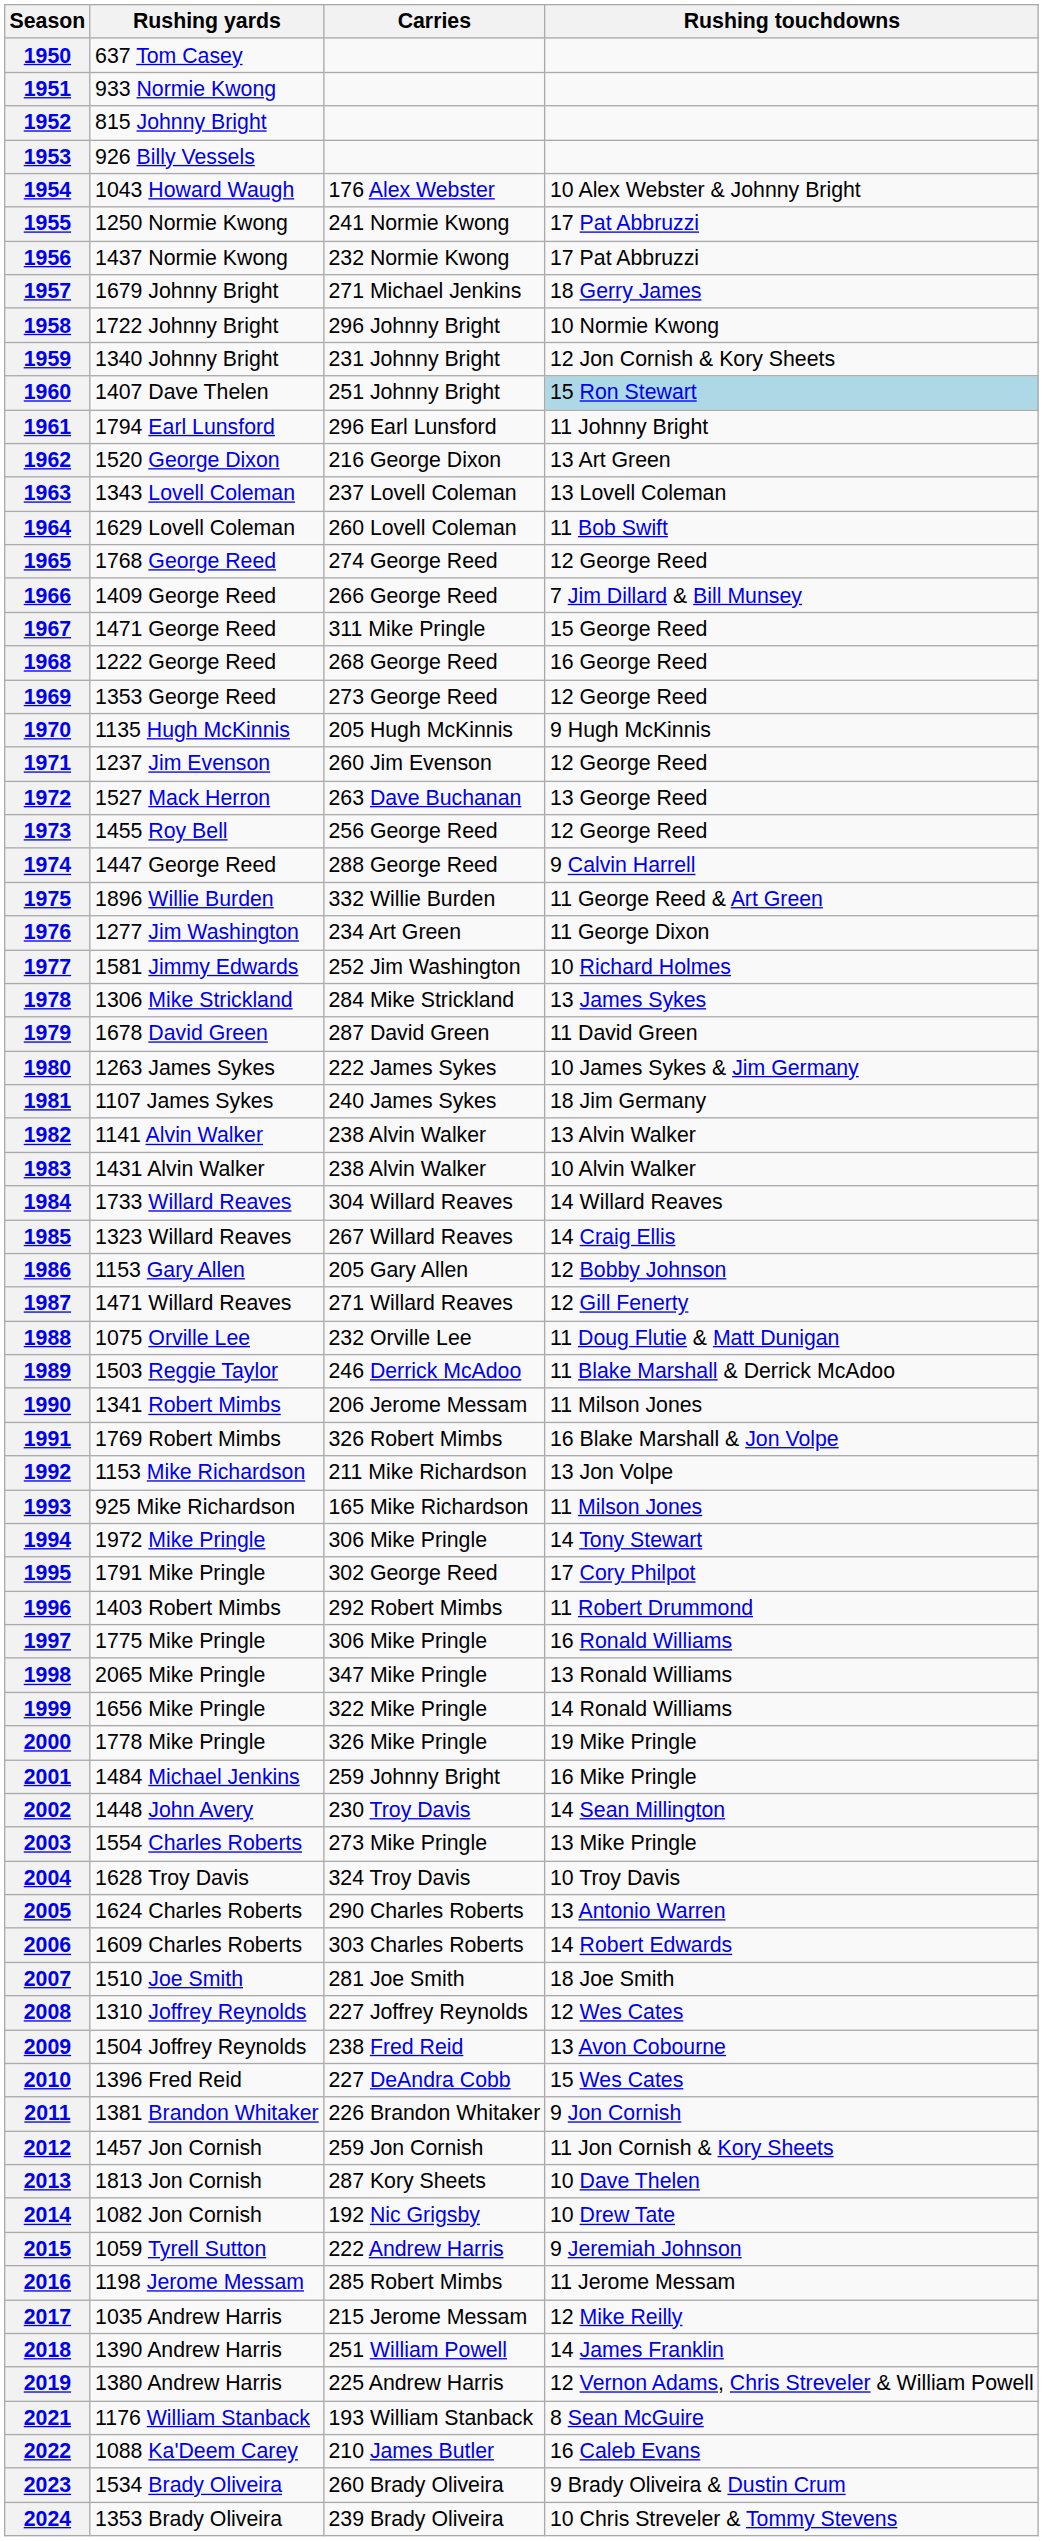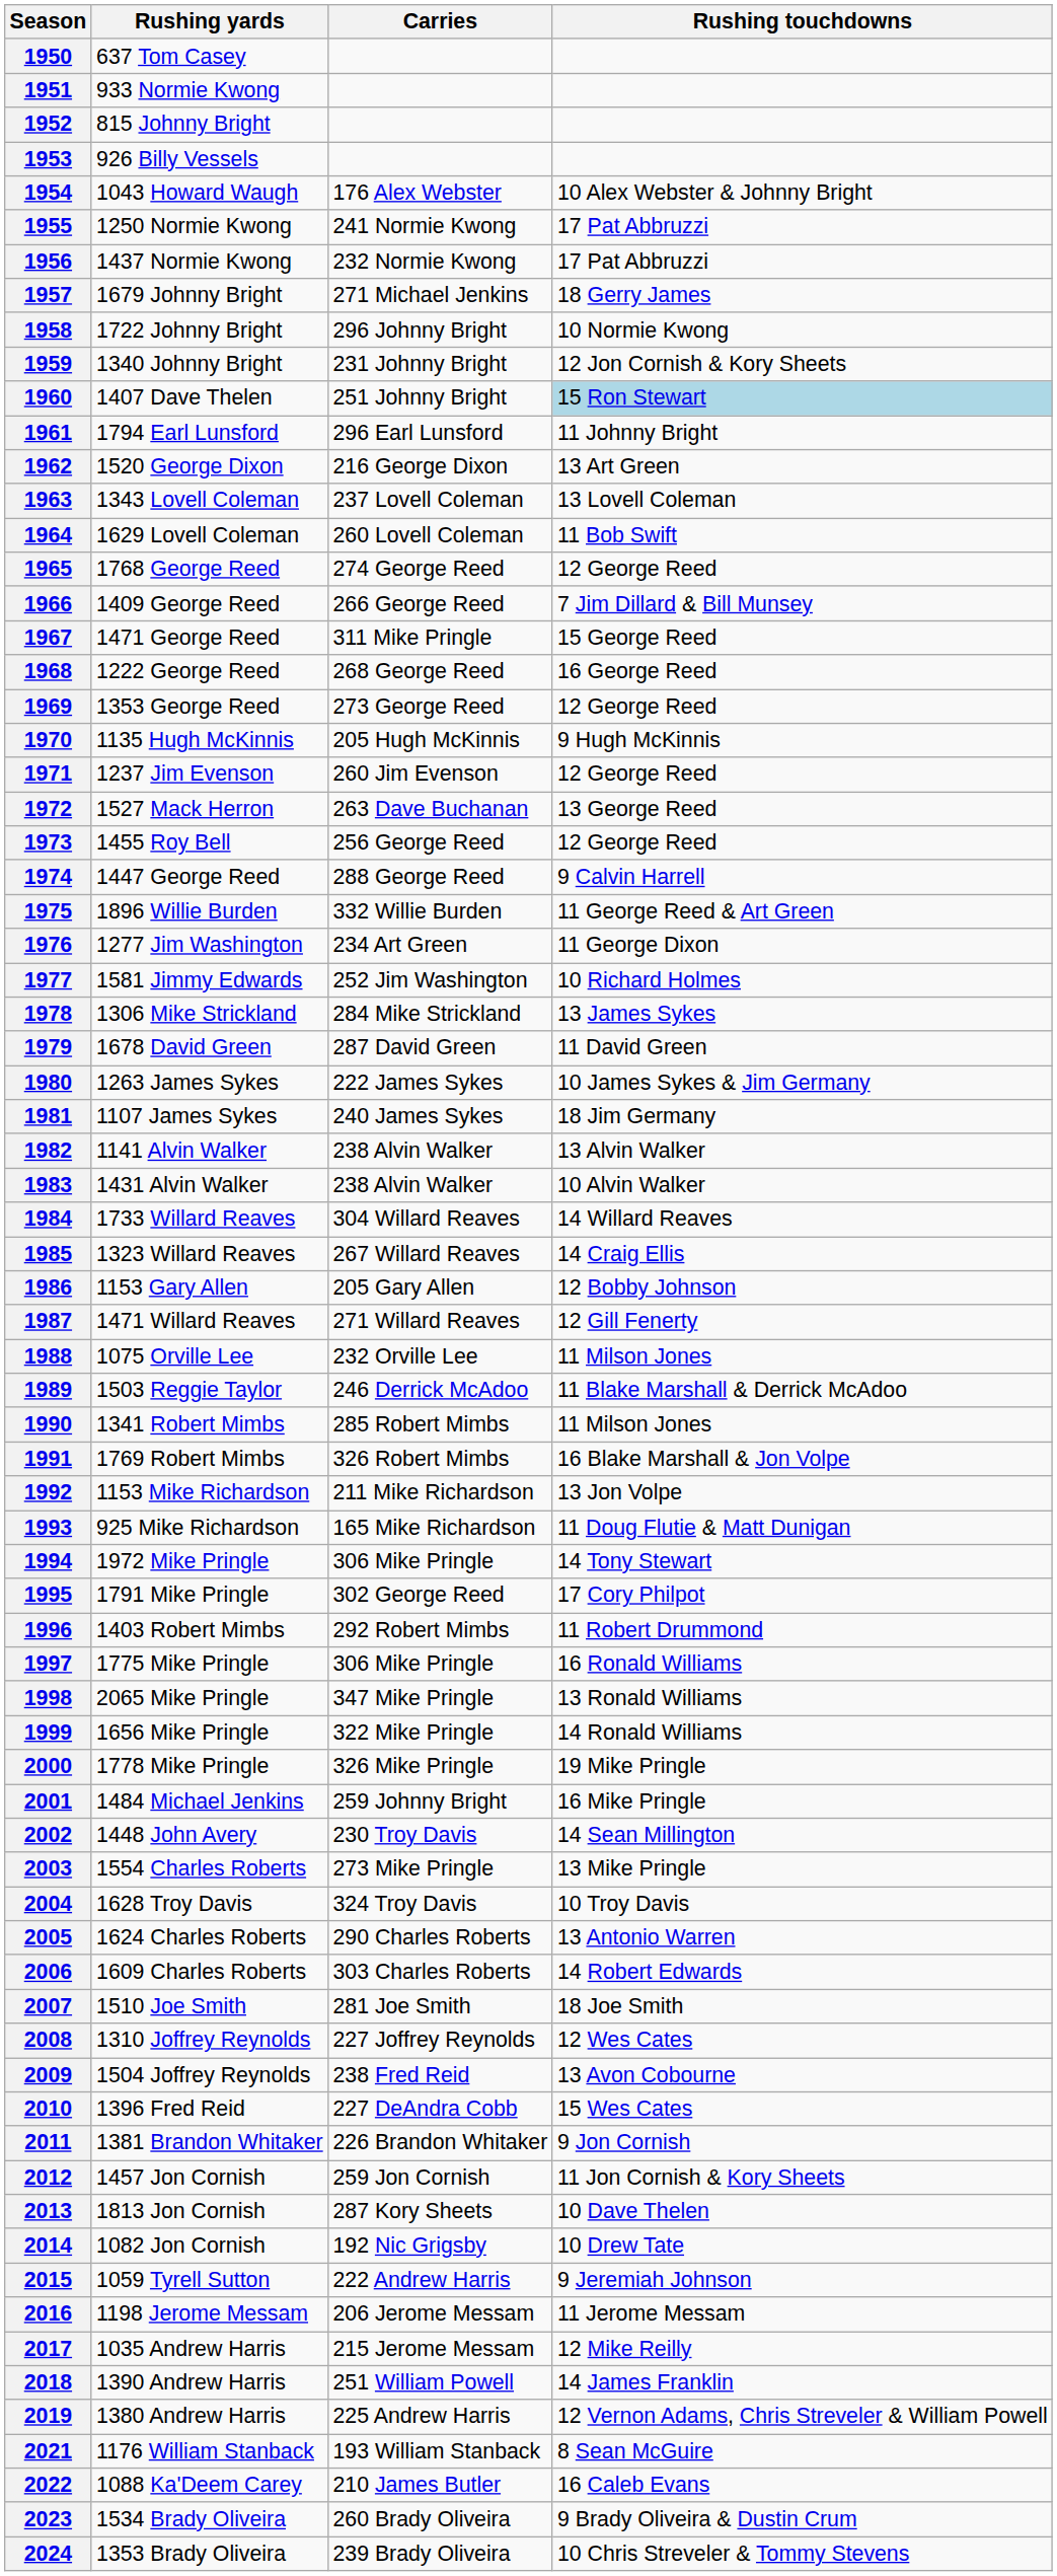 <table class="wikitable">
 <tr>
 <th>Season</th>
 <th>Rushing yards</th>
 <th>Carries</th>
 <th>Rushing touchdowns</th>
 </tr>
 <tr>
 <th><a href='#'>1950</a></th>
 <td>637 <a href='#'>Tom Casey</a></td>
 <td></td>
 <td></td>
 </tr>
 <tr>
 <th><a href='#'>1951</a></th>
 <td>933 <a href='#'>Normie Kwong</a></td>
 <td></td>
 <td></td>
 </tr>
 <tr>
 <th><a href='#'>1952</a></th>
 <td>815 <a href='#'>Johnny Bright</a></td>
 <td></td>
 <td></td>
 </tr>
 <tr>
 <th><a href='#'>1953</a></th>
 <td>926 <a href='#'>Billy Vessels</a></td>
 <td></td>
 <td></td>
 </tr>
 <tr>
 <th><a href='#'>1954</a></th>
 <td>1043 <a href='#'>Howard Waugh</a></td>
 <td>176 <a href='#'> Alex Webster</a></td>
 <td>10 Alex Webster & Johnny Bright</td>
 </tr>
 <tr>
 <th><a href='#'>1955</a></th>
 <td>1250 Normie Kwong</td>
 <td>241 Normie Kwong</td>
 <td>17 <a href='#'>Pat Abbruzzi</a></td>
 </tr>
 <tr>
 <th><a href='#'>1956</a></th>
 <td>1437 Normie Kwong</td>
 <td>232 Normie Kwong</td>
 <td>17 Pat Abbruzzi</td>
 </tr>
 <tr>
 <th><a href='#'>1957</a></th>
 <td>1679 Johnny Bright</td>
 <td>271 Michael Jenkins</td>
 <td>18 <a href='#'>Gerry James</a></td>
 </tr>
 <tr>
 <th><a href='#'>1958</a></th>
 <td>1722 Johnny Bright</td>
 <td>296 Johnny Bright</td>
 <td>10 Normie Kwong</td>
 </tr>
 <tr>
 <th><a href='#'>1959</a></th>
 <td>1340 Johnny Bright</td>
 <td>231 Johnny Bright</td>
 <td>12 Jon Cornish & Kory Sheets</td>
 </tr>
 <tr>
 <th><a href='#'>1960</a></th>
 <td>1407 Dave Thelen</td>
 <td>251 Johnny Bright</td>
 <td style="background: lightblue;">15 <a href='#'> Ron Stewart</a></td>
 </tr>
 <tr>
 <th><a href='#'>1961</a></th>
 <td>1794 <a href='#'>Earl Lunsford</a></td>
 <td>296 Earl Lunsford</td>
 <td>11 Johnny Bright</td>
 </tr>
 <tr>
 <th><a href='#'>1962</a></th>
 <td>1520 <a href='#'> George Dixon</a></td>
 <td>216 George Dixon</td>
 <td>13 Art Green</td>
 </tr>
 <tr>
 <th><a href='#'>1963</a></th>
 <td>1343 <a href='#'>Lovell Coleman</a></td>
 <td>237 Lovell Coleman</td>
 <td>13 Lovell Coleman</td>
 </tr>
 <tr>
 <th><a href='#'>1964</a></th>
 <td>1629 Lovell Coleman</td>
 <td>260 Lovell Coleman</td>
 <td>11 <a href='#'> Bob Swift</a></td>
 </tr>
 <tr>
 <th><a href='#'>1965</a></th>
 <td>1768 <a href='#'>George Reed</a></td>
 <td>274 George Reed</td>
 <td>12 George Reed</td>
 </tr>
 <tr>
 <th><a href='#'>1966</a></th>
 <td>1409 George Reed</td>
 <td>266 George Reed</td>
 <td>7 <a href='#'>Jim Dillard</a> & <a href='#'>Bill Munsey</a></td>
 </tr>
 <tr>
 <th><a href='#'>1967</a></th>
 <td>1471 George Reed</td>
 <td>311 Mike Pringle</td>
 <td>15 George Reed</td>
 </tr>
 <tr>
 <th><a href='#'>1968</a></th>
 <td>1222 George Reed</td>
 <td>268 George Reed</td>
 <td>16 George Reed</td>
 </tr>
 <tr>
 <th><a href='#'>1969</a></th>
 <td>1353 George Reed</td>
 <td>273 George Reed</td>
 <td>12 George Reed</td>
 </tr>
 <tr>
 <th><a href='#'>1970</a></th>
 <td>1135 <a href='#'>Hugh McKinnis</a></td>
 <td>205 Hugh McKinnis</td>
 <td>9 Hugh McKinnis</td>
 </tr>
 <tr>
 <th><a href='#'>1971</a></th>
 <td>1237 <a href='#'>Jim Evenson</a></td>
 <td>260 Jim Evenson</td>
 <td>12 George Reed</td>
 </tr>
 <tr>
 <th><a href='#'>1972</a></th>
 <td>1527 <a href='#'>Mack Herron</a></td>
 <td>263 <a href='#'> Dave Buchanan</a></td>
 <td>13 George Reed</td>
 </tr>
 <tr>
 <th><a href='#'>1973</a></th>
 <td>1455 <a href='#'> Roy Bell</a></td>
 <td>256 George Reed</td>
 <td>12 George Reed</td>
 </tr>
 <tr>
 <th><a href='#'>1974</a></th>
 <td>1447 George Reed</td>
 <td>288 George Reed</td>
 <td>9 <a href='#'>Calvin Harrell</a></td>
 </tr>
 <tr>
 <th><a href='#'>1975</a></th>
 <td>1896 <a href='#'>Willie Burden</a></td>
 <td>332 Willie Burden</td>
 <td>11 George Reed & <a href='#'>Art Green</a></td>
 </tr>
 <tr>
 <th><a href='#'>1976</a></th>
 <td>1277 <a href='#'> Jim Washington</a></td>
 <td>234 Art Green</td>
 <td>11 George Dixon</td>
 </tr>
 <tr>
 <th><a href='#'>1977</a></th>
 <td>1581 <a href='#'> Jimmy Edwards</a></td>
 <td>252 Jim Washington</td>
 <td>10 <a href='#'> Richard Holmes</a></td>
 </tr>
 <tr>
 <th><a href='#'>1978</a></th>
 <td>1306 <a href='#'>Mike Strickland</a></td>
 <td>284 Mike Strickland</td>
 <td>13 <a href='#'> James Sykes</a></td>
 </tr>
 <tr>
 <th><a href='#'>1979</a></th>
 <td>1678 <a href='#'> David Green</a></td>
 <td>287 David Green</td>
 <td>11 David Green</td>
 </tr>
 <tr>
 <th><a href='#'>1980</a></th>
 <td>1263 James Sykes</td>
 <td>222 James Sykes</td>
 <td>10 James Sykes & <a href='#'>Jim Germany</a></td>
 </tr>
 <tr>
 <th><a href='#'>1981</a></th>
 <td>1107 James Sykes</td>
 <td>240 James Sykes</td>
 <td>18 Jim Germany</td>
 </tr>
 <tr>
 <th><a href='#'>1982</a></th>
 <td>1141 <a href='#'>Alvin Walker</a></td>
 <td>238 Alvin Walker</td>
 <td>13 Alvin Walker</td>
 </tr>
 <tr>
 <th><a href='#'>1983</a></th>
 <td>1431 Alvin Walker</td>
 <td>238 Alvin Walker</td>
 <td>10 Alvin Walker</td>
 </tr>
 <tr>
 <th><a href='#'>1984</a></th>
 <td>1733 <a href='#'>Willard Reaves</a></td>
 <td>304 Willard Reaves</td>
 <td>14 Willard Reaves</td>
 </tr>
 <tr>
 <th><a href='#'>1985</a></th>
 <td>1323 Willard Reaves</td>
 <td>267 Willard Reaves</td>
 <td>14 <a href='#'> Craig Ellis</a></td>
 </tr>
 <tr>
 <th><a href='#'>1986</a></th>
 <td>1153 <a href='#'> Gary Allen</a></td>
 <td>205 Gary Allen</td>
 <td>12 <a href='#'>Bobby Johnson</a></td>
 </tr>
 <tr>
 <th><a href='#'>1987</a></th>
 <td>1471 Willard Reaves</td>
 <td>271 Willard Reaves</td>
 <td>12 <a href='#'>Gill Fenerty</a></td>
 </tr>
 <tr>
 <th><a href='#'>1988</a></th>
 <td>1075 <a href='#'>Orville Lee</a></td>
 <td>232 Orville Lee</td>
-<td>11 <a href='#'>Doug Flutie</a> & <a href='#'>Matt Dunigan</a></td>
+<td>11 <a href='#'>Milson Jones</a></td>
 </tr>
 <tr>
 <th><a href='#'>1989</a></th>
 <td>1503 <a href='#'>Reggie Taylor</a></td>
 <td>246 <a href='#'>Derrick McAdoo</a></td>
 <td>11 <a href='#'>Blake Marshall</a> & Derrick McAdoo</td>
 </tr>
 <tr>
 <th><a href='#'>1990</a></th>
 <td>1341 <a href='#'>Robert Mimbs</a></td>
-<td>206 Jerome Messam</td>
+<td>285 Robert Mimbs</td>
 <td>11 Milson Jones</td>
 </tr>
 <tr>
 <th><a href='#'>1991</a></th>
 <td>1769 Robert Mimbs</td>
 <td>326 Robert Mimbs</td>
 <td>16 Blake Marshall & <a href='#'>Jon Volpe</a></td>
 </tr>
 <tr>
 <th><a href='#'>1992</a></th>
 <td>1153 <a href='#'> Mike Richardson</a></td>
 <td>211 Mike Richardson</td>
 <td>13 Jon Volpe</td>
 </tr>
 <tr>
 <th><a href='#'>1993</a></th>
 <td>925 Mike Richardson</td>
 <td>165 Mike Richardson</td>
-<td>11 <a href='#'>Milson Jones</a></td>
+<td>11 <a href='#'>Doug Flutie</a> & <a href='#'>Matt Dunigan</a></td>
 </tr>
 <tr>
 <th><a href='#'>1994</a></th>
 <td>1972 <a href='#'> Mike Pringle</a></td>
 <td>306 Mike Pringle</td>
 <td>14 <a href='#'>Tony Stewart</a></td>
 </tr>
 <tr>
 <th><a href='#'>1995</a></th>
 <td>1791 Mike Pringle</td>
 <td>302 George Reed</td>
 <td>17 <a href='#'>Cory Philpot</a></td>
 </tr>
 <tr>
 <th><a href='#'>1996</a></th>
 <td>1403 Robert Mimbs</td>
 <td>292 Robert Mimbs</td>
 <td>11 <a href='#'> Robert Drummond</a></td>
 </tr>
 <tr>
 <th><a href='#'>1997</a></th>
 <td>1775 Mike Pringle</td>
 <td>306 Mike Pringle</td>
 <td>16 <a href='#'>Ronald Williams</a></td>
 </tr>
 <tr>
 <th><a href='#'>1998</a></th>
 <td>2065 Mike Pringle</td>
 <td>347 Mike Pringle</td>
 <td>13 Ronald Williams</td>
 </tr>
 <tr>
 <th><a href='#'>1999</a></th>
 <td>1656 Mike Pringle</td>
 <td>322 Mike Pringle</td>
 <td>14 Ronald Williams</td>
 </tr>
 <tr>
 <th><a href='#'>2000</a></th>
 <td>1778 Mike Pringle</td>
 <td>326 Mike Pringle</td>
 <td>19 Mike Pringle</td>
 </tr>
 <tr>
 <th><a href='#'>2001</a></th>
 <td>1484 <a href='#'> Michael Jenkins</a></td>
 <td>259 Johnny Bright</td>
 <td>16 Mike Pringle</td>
 </tr>
 <tr>
 <th><a href='#'>2002</a></th>
 <td>1448 <a href='#'> John Avery</a></td>
 <td>230 <a href='#'> Troy Davis</a></td>
 <td>14 <a href='#'>Sean Millington</a></td>
 </tr>
 <tr>
 <th><a href='#'>2003</a></th>
 <td>1554 <a href='#'> Charles Roberts</a></td>
 <td>273 Mike Pringle</td>
 <td>13 Mike Pringle</td>
 </tr>
 <tr>
 <th><a href='#'>2004</a></th>
 <td>1628 Troy Davis</td>
 <td>324 Troy Davis</td>
 <td>10 Troy Davis</td>
 </tr>
 <tr>
 <th><a href='#'>2005</a></th>
 <td>1624 Charles Roberts</td>
 <td>290 Charles Roberts</td>
 <td>13 <a href='#'>Antonio Warren</a></td>
 </tr>
 <tr>
 <th><a href='#'>2006</a></th>
 <td>1609 Charles Roberts</td>
 <td>303 Charles Roberts</td>
 <td>14 <a href='#'> Robert Edwards</a></td>
 </tr>
 <tr>
 <th><a href='#'>2007</a></th>
 <td>1510 <a href='#'> Joe Smith</a></td>
 <td>281 Joe Smith</td>
 <td>18 Joe Smith</td>
 </tr>
 <tr>
 <th><a href='#'>2008</a></th>
 <td>1310 <a href='#'>Joffrey Reynolds</a></td>
 <td>227 Joffrey Reynolds</td>
 <td>12 <a href='#'>Wes Cates</a></td>
 </tr>
 <tr>
 <th><a href='#'>2009</a></th>
 <td>1504 Joffrey Reynolds</td>
 <td>238 <a href='#'>Fred Reid</a></td>
 <td>13 <a href='#'>Avon Cobourne</a></td>
 </tr>
 <tr>
 <th><a href='#'>2010</a></th>
 <td>1396 Fred Reid</td>
 <td>227 <a href='#'>DeAndra Cobb</a></td>
 <td>15 <a href='#'>Wes Cates</a></td>
 </tr>
 <tr>
 <th><a href='#'>2011</a></th>
 <td>1381 <a href='#'>Brandon Whitaker</a></td>
 <td>226 Brandon Whitaker</td>
 <td>9 <a href='#'>Jon Cornish</a></td>
 </tr>
 <tr>
 <th><a href='#'>2012</a></th>
 <td>1457 Jon Cornish</td>
 <td>259 Jon Cornish</td>
 <td>11 Jon Cornish & <a href='#'>Kory Sheets</a></td>
 </tr>
 <tr>
 <th><a href='#'>2013</a></th>
 <td>1813 Jon Cornish</td>
 <td>287 Kory Sheets</td>
 <td>10 <a href='#'>Dave Thelen</a></td>
 </tr>
 <tr>
 <th><a href='#'>2014</a></th>
 <td>1082 Jon Cornish</td>
 <td>192 <a href='#'>Nic Grigsby</a></td>
 <td>10 <a href='#'>Drew Tate</a></td>
 </tr>
 <tr>
 <th><a href='#'>2015</a></th>
 <td>1059 <a href='#'>Tyrell Sutton</a></td>
 <td>222 <a href='#'>Andrew Harris</a></td>
 <td>9 <a href='#'>Jeremiah Johnson</a></td>
 </tr>
 <tr>
 <th><a href='#'>2016</a></th>
 <td>1198 <a href='#'>Jerome Messam</a></td>
-<td>285 Robert Mimbs</td>
+<td>206 Jerome Messam</td>
 <td>11 Jerome Messam</td>
 </tr>
 <tr>
 <th><a href='#'>2017</a></th>
 <td>1035 Andrew Harris</td>
 <td>215 Jerome Messam</td>
 <td>12 <a href='#'>Mike Reilly</a></td>
 </tr>
 <tr>
 <th><a href='#'>2018</a></th>
 <td>1390 Andrew Harris</td>
 <td>251 <a href='#'>William Powell</a></td>
 <td>14 <a href='#'>James Franklin</a></td>
 </tr>
 <tr>
 <th><a href='#'>2019</a></th>
 <td>1380 Andrew Harris</td>
 <td>225 Andrew Harris</td>
 <td>12 <a href='#'>Vernon Adams</a>, <a href='#'>Chris Streveler</a> & William Powell</td>
 </tr>
 <tr>
 <th><a href='#'>2021</a></th>
 <td>1176 <a href='#'>William Stanback</a></td>
 <td>193 William Stanback</td>
 <td>8 <a href='#'>Sean McGuire</a></td>
 </tr>
 <tr>
 <th><a href='#'>2022</a></th>
 <td>1088 <a href='#'>Ka'Deem Carey</a></td>
 <td>210 <a href='#'>James Butler</a></td>
 <td>16 <a href='#'>Caleb Evans</a></td>
 </tr>
 <tr>
 <th><a href='#'>2023</a></th>
 <td>1534 <a href='#'>Brady Oliveira</a></td>
 <td>260 Brady Oliveira</td>
 <td>9 Brady Oliveira & <a href='#'>Dustin Crum</a></td>
 </tr>
 <tr>
 <th><a href='#'>2024</a></th>
 <td>1353 Brady Oliveira</td>
 <td>239 Brady Oliveira</td>
 <td>10 Chris Streveler & <a href='#'>Tommy Stevens</a></td>
 </tr>
 </table>
